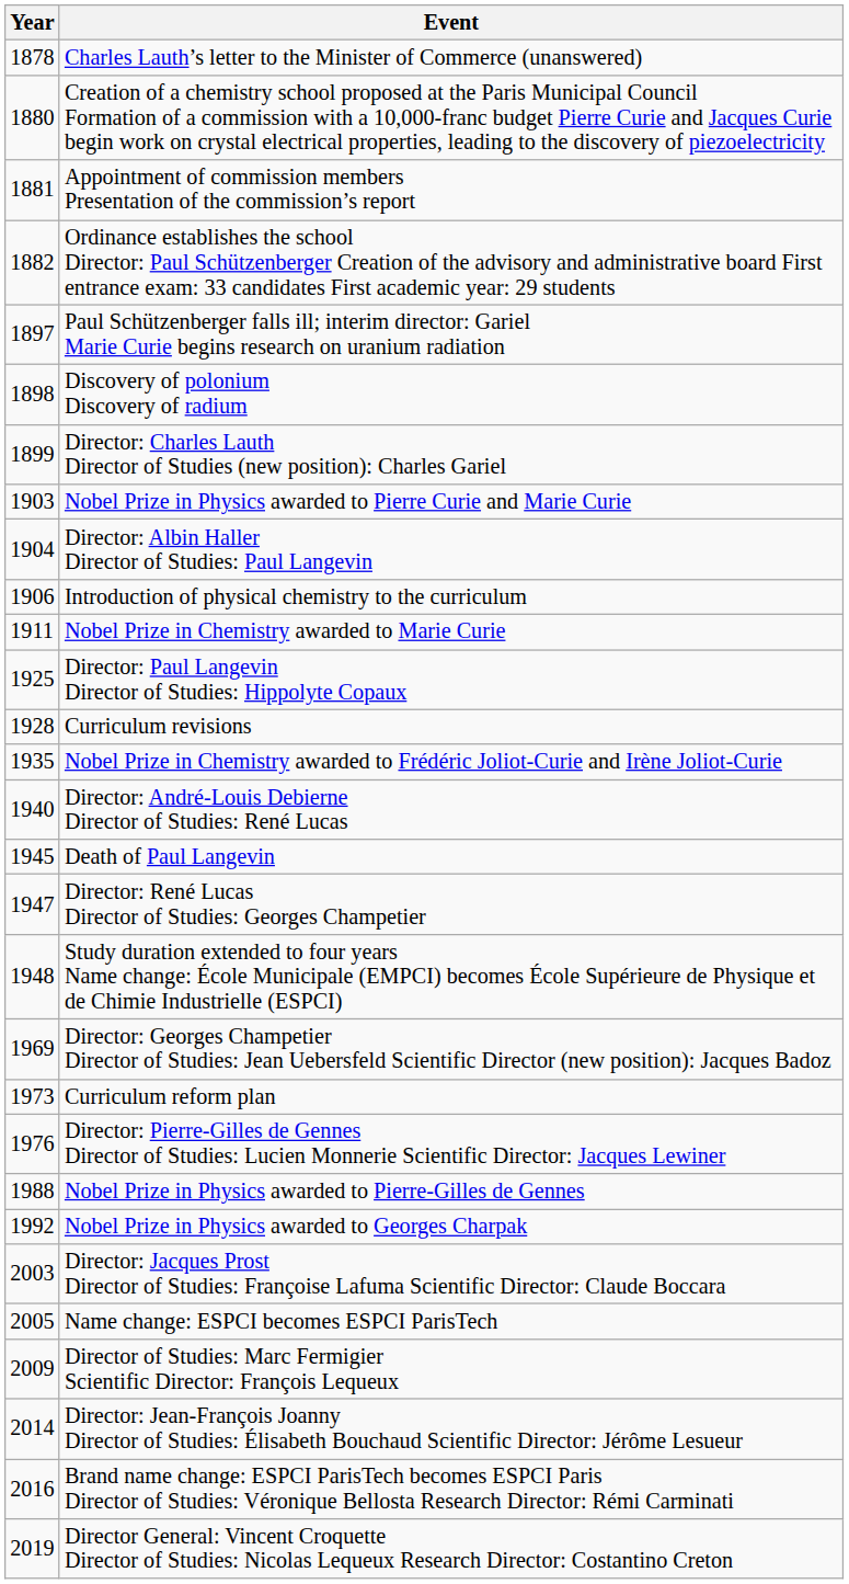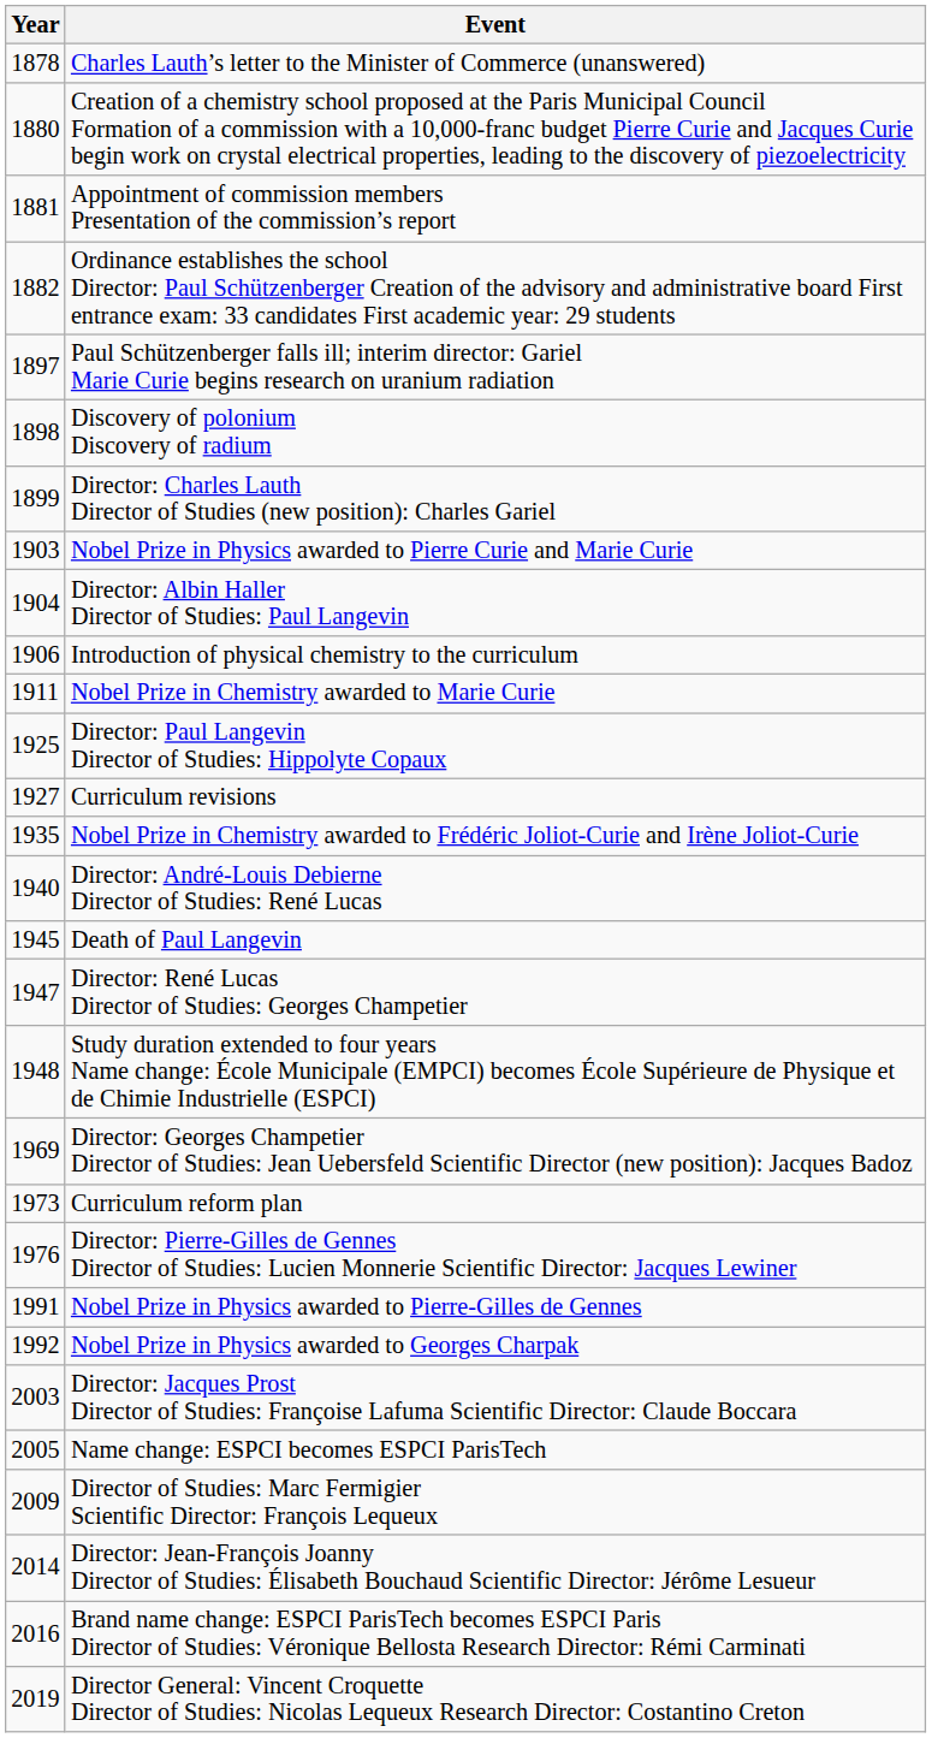 <table class="wikitable sortable mw-collapsible">
 <tr>
 <th>Year</th>
 <th>Event</th>
 </tr>
 <tr>
 <td>1878</td>
 <td><a href='#'>Charles Lauth</a>’s letter to the Minister of Commerce (unanswered)</td>
 </tr>
 <tr>
 <td>1880</td>
 <td>Creation of a chemistry school proposed at the Paris Municipal Council<br>Formation of a commission with a 10,000-franc budget  <a href='#'>Pierre Curie</a> and <a href='#'>Jacques Curie</a> begin work on crystal electrical properties, leading to the discovery of <a href='#'>piezoelectricity</a></td>
 </tr>
 <tr>
 <td>1881</td>
 <td>Appointment of commission members<br>Presentation of the commission’s report</td>
 </tr>
 <tr>
 <td>1882</td>
 <td>Ordinance establishes the school<br>Director: <a href='#'>Paul Schützenberger</a>  Creation of the advisory and administrative board  First entrance exam: 33 candidates  First academic year: 29 students</td>
 </tr>
 <tr>
 <td>1897</td>
 <td>Paul Schützenberger falls ill; interim director: Gariel<br><a href='#'>Marie Curie</a> begins research on uranium radiation</td>
 </tr>
 <tr>
 <td>1898</td>
 <td>Discovery of <a href='#'>polonium</a><br>Discovery of <a href='#'>radium</a></td>
 </tr>
 <tr>
 <td>1899</td>
 <td>Director: <a href='#'>Charles Lauth</a><br>Director of Studies (new position): Charles Gariel</td>
 </tr>
 <tr>
 <td>1903</td>
 <td><a href='#'>Nobel Prize in Physics</a> awarded to <a href='#'>Pierre Curie</a> and <a href='#'>Marie Curie</a></td>
 </tr>
 <tr>
 <td>1904</td>
 <td>Director: <a href='#'>Albin Haller</a><br>Director of Studies: <a href='#'>Paul Langevin</a></td>
 </tr>
 <tr>
 <td>1906</td>
 <td>Introduction of physical chemistry to the curriculum</td>
 </tr>
 <tr>
 <td>1911</td>
 <td><a href='#'>Nobel Prize in Chemistry</a> awarded to <a href='#'>Marie Curie</a></td>
 </tr>
 <tr>
 <td>1925</td>
 <td>Director: <a href='#'>Paul Langevin</a><br>Director of Studies: <a href='#'>Hippolyte Copaux</a></td>
 </tr>
 <tr>
-<td>1928</td>
+<td>1927</td>
 <td>Curriculum revisions</td>
 </tr>
 <tr>
 <td>1935</td>
 <td><a href='#'>Nobel Prize in Chemistry</a> awarded to <a href='#'>Frédéric Joliot-Curie</a> and <a href='#'>Irène Joliot-Curie</a></td>
 </tr>
 <tr>
 <td>1940</td>
 <td>Director: <a href='#'>André-Louis Debierne</a><br>Director of Studies: René Lucas</td>
 </tr>
 <tr>
 <td>1945</td>
 <td>Death of <a href='#'>Paul Langevin</a></td>
 </tr>
 <tr>
 <td>1947</td>
 <td>Director: René Lucas<br>Director of Studies: Georges Champetier</td>
 </tr>
 <tr>
 <td>1948</td>
 <td>Study duration extended to four years<br>Name change: École Municipale (EMPCI) becomes École Supérieure de Physique et de Chimie Industrielle (ESPCI)</td>
 </tr>
 <tr>
 <td>1969</td>
 <td>Director: Georges Champetier<br>Director of Studies: Jean Uebersfeld  Scientific Director (new position): Jacques Badoz</td>
 </tr>
 <tr>
 <td>1973</td>
 <td>Curriculum reform plan</td>
 </tr>
 <tr>
 <td>1976</td>
 <td>Director: <a href='#'>Pierre-Gilles de Gennes</a><br>Director of Studies: Lucien Monnerie  Scientific Director: <a href='#'>Jacques Lewiner</a></td>
 </tr>
 <tr>
-<td>1988</td>
+<td>1991</td>
 <td><a href='#'>Nobel Prize in Physics</a> awarded to <a href='#'>Pierre-Gilles de Gennes</a></td>
 </tr>
 <tr>
 <td>1992</td>
 <td><a href='#'>Nobel Prize in Physics</a> awarded to <a href='#'>Georges Charpak</a></td>
 </tr>
 <tr>
 <td>2003</td>
 <td>Director: <a href='#'>Jacques Prost</a><br>Director of Studies: Françoise Lafuma  Scientific Director: Claude Boccara</td>
 </tr>
 <tr>
 <td>2005</td>
 <td>Name change: ESPCI becomes ESPCI ParisTech</td>
 </tr>
 <tr>
 <td>2009</td>
 <td>Director of Studies: Marc Fermigier<br>Scientific Director: François Lequeux</td>
 </tr>
 <tr>
 <td>2014</td>
 <td>Director: Jean-François Joanny<br>Director of Studies: Élisabeth Bouchaud  Scientific Director: Jérôme Lesueur</td>
 </tr>
 <tr>
 <td>2016</td>
 <td>Brand name change: ESPCI ParisTech becomes ESPCI Paris<br>Director of Studies: Véronique Bellosta  Research Director: Rémi Carminati</td>
 </tr>
 <tr>
 <td>2019</td>
 <td>Director General: Vincent Croquette<br>Director of Studies: Nicolas Lequeux  Research Director: Costantino Creton</td>
 </tr>
 </table>
